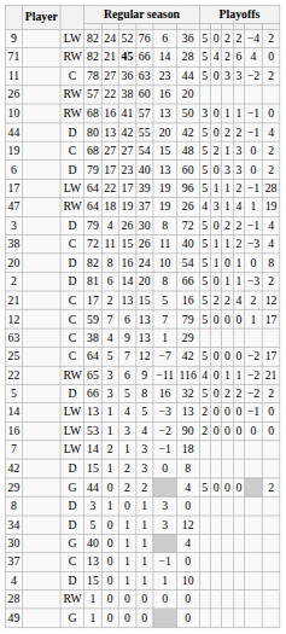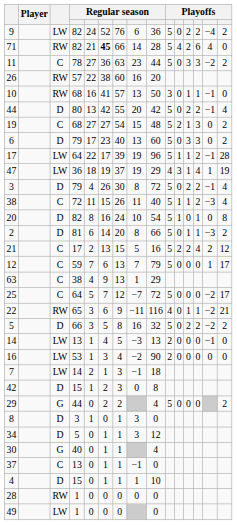 <table class="wikitable sortable plainrowheaders" style="text-align:center;">
 <tr>
 <th scope="col" data-sort-type="number" rowspan="2"></th>
 <th scope="col" rowspan="2">Player</th>
 <th scope="col" rowspan="2"></th>
 <th scope=colgroup colspan=6>Regular season</th>
 <th scope=colgroup colspan=6>Playoffs</th>
 </tr>
 <tr>
 <th scope="col" data-sort-type="number"></th>
 <th scope="col" data-sort-type="number"></th>
 <th scope="col" data-sort-type="number"></th>
 <th scope="col" data-sort-type="number"></th>
 <th scope="col" data-sort-type="number"></th>
 <th scope="col" data-sort-type="number"></th>
 <th scope="col" data-sort-type="number"></th>
 <th scope="col" data-sort-type="number"></th>
 <th scope="col" data-sort-type="number"></th>
 <th scope="col" data-sort-type="number"></th>
 <th scope="col" data-sort-type="number"></th>
 <th scope="col" data-sort-type="number"></th>
 </tr>
 <tr>
 <td scope="row">9</td>
 <td align="left"></td>
 <td>LW</td>
 <td>82</td>
 <td>24</td>
 <td>52</td>
 <td>76</td>
 <td>6</td>
 <td>36</td>
 <td>5</td>
 <td>0</td>
 <td>2</td>
 <td>2</td>
 <td>−4</td>
 <td>2</td>
 </tr>
 <tr>
 <td scope="row">71</td>
 <td align="left"></td>
 <td>RW</td>
 <td>82</td>
 <td>21</td>
 <td><strong>45</strong></td>
 <td>66</td>
 <td>14</td>
 <td>28</td>
 <td>5</td>
 <td>4</td>
 <td>2</td>
 <td>6</td>
 <td>4</td>
 <td>0</td>
 </tr>
 <tr>
 <td scope="row">11</td>
 <td align="left"></td>
 <td>C</td>
 <td>78</td>
 <td>27</td>
 <td>36</td>
 <td>63</td>
 <td>23</td>
 <td>44</td>
 <td>5</td>
 <td>0</td>
 <td>3</td>
 <td>3</td>
 <td>−2</td>
 <td>2</td>
 </tr>
 <tr>
 <td scope="row">26</td>
 <td align="left"></td>
 <td>RW</td>
 <td>57</td>
 <td>22</td>
 <td>38</td>
 <td>60</td>
 <td>16</td>
 <td>20</td>
 <td></td>
 <td></td>
 <td></td>
 <td></td>
 <td></td>
 <td></td>
 </tr>
 <tr>
 <td scope="row">10</td>
 <td align="left"></td>
 <td>RW</td>
 <td>68</td>
 <td>16</td>
 <td>41</td>
 <td>57</td>
 <td>13</td>
 <td>50</td>
 <td>3</td>
 <td>0</td>
 <td>1</td>
 <td>1</td>
 <td>−1</td>
 <td>0</td>
 </tr>
 <tr>
 <td scope="row">44</td>
 <td align="left"></td>
 <td>D</td>
 <td>80</td>
 <td>13</td>
 <td>42</td>
 <td>55</td>
 <td>20</td>
 <td>42</td>
 <td>5</td>
 <td>0</td>
 <td>2</td>
 <td>2</td>
 <td>−1</td>
 <td>4</td>
 </tr>
 <tr>
 <td scope="row">19</td>
 <td align="left"></td>
 <td>C</td>
 <td>68</td>
 <td>27</td>
 <td>27</td>
 <td>54</td>
 <td>15</td>
 <td>48</td>
 <td>5</td>
 <td>2</td>
 <td>1</td>
 <td>3</td>
 <td>0</td>
 <td>2</td>
 </tr>
 <tr>
 <td scope="row">6</td>
 <td align="left"></td>
 <td>D</td>
 <td>79</td>
 <td>17</td>
 <td>23</td>
 <td>40</td>
 <td>13</td>
 <td>60</td>
 <td>5</td>
 <td>0</td>
 <td>3</td>
 <td>3</td>
 <td>0</td>
 <td>2</td>
 </tr>
 <tr>
 <td scope="row">17</td>
 <td align="left"></td>
 <td>LW</td>
 <td>64</td>
 <td>22</td>
 <td>17</td>
 <td>39</td>
 <td>19</td>
 <td>96</td>
 <td>5</td>
 <td>1</td>
 <td>1</td>
 <td>2</td>
 <td>−1</td>
 <td>28</td>
 </tr>
 <tr>
 <td scope="row">47</td>
 <td align="left"></td>
-<td>RW</td>
-<td>64</td>
+<td>LW</td>
+<td>36</td>
 <td>18</td>
 <td>19</td>
 <td>37</td>
 <td>19</td>
-<td>26</td>
+<td>29</td>
 <td>4</td>
 <td>3</td>
 <td>1</td>
 <td>4</td>
 <td>1</td>
 <td>19</td>
 </tr>
 <tr>
 <td scope="row">3</td>
 <td align="left"></td>
 <td>D</td>
 <td>79</td>
 <td>4</td>
 <td>26</td>
 <td>30</td>
 <td>8</td>
 <td>72</td>
 <td>5</td>
 <td>0</td>
 <td>2</td>
 <td>2</td>
 <td>−1</td>
 <td>4</td>
 </tr>
 <tr>
 <td scope="row">38</td>
 <td align="left"></td>
 <td>C</td>
 <td>72</td>
 <td>11</td>
 <td>15</td>
 <td>26</td>
 <td>11</td>
 <td>40</td>
 <td>5</td>
 <td>1</td>
 <td>1</td>
 <td>2</td>
 <td>−3</td>
 <td>4</td>
 </tr>
 <tr>
 <td scope="row">20</td>
 <td align="left"></td>
 <td>D</td>
 <td>82</td>
 <td>8</td>
 <td>16</td>
 <td>24</td>
 <td>10</td>
 <td>54</td>
 <td>5</td>
 <td>1</td>
 <td>0</td>
 <td>1</td>
 <td>0</td>
 <td>8</td>
 </tr>
 <tr>
 <td scope="row">2</td>
 <td align="left"></td>
 <td>D</td>
 <td>81</td>
 <td>6</td>
 <td>14</td>
 <td>20</td>
 <td>8</td>
 <td>66</td>
 <td>5</td>
 <td>0</td>
 <td>1</td>
 <td>1</td>
 <td>−3</td>
 <td>2</td>
 </tr>
 <tr>
 <td scope="row">21</td>
 <td align="left"></td>
 <td>C</td>
 <td>17</td>
 <td>2</td>
 <td>13</td>
 <td>15</td>
 <td>5</td>
 <td>16</td>
 <td>5</td>
 <td>2</td>
 <td>2</td>
 <td>4</td>
 <td>2</td>
 <td>12</td>
 </tr>
 <tr>
 <td scope="row">12</td>
 <td align="left"></td>
 <td>C</td>
 <td>59</td>
 <td>7</td>
 <td>6</td>
 <td>13</td>
 <td>7</td>
 <td>79</td>
 <td>5</td>
 <td>0</td>
 <td>0</td>
 <td>0</td>
 <td>1</td>
 <td>17</td>
 </tr>
 <tr>
 <td scope="row">63</td>
 <td align="left"></td>
 <td>C</td>
 <td>38</td>
 <td>4</td>
 <td>9</td>
 <td>13</td>
 <td>1</td>
 <td>29</td>
 <td></td>
 <td></td>
 <td></td>
 <td></td>
 <td></td>
 <td></td>
 </tr>
 <tr>
 <td scope="row">25</td>
 <td align="left"></td>
 <td>C</td>
 <td>64</td>
 <td>5</td>
 <td>7</td>
 <td>12</td>
 <td>−7</td>
-<td>42</td>
+<td>72</td>
 <td>5</td>
 <td>0</td>
 <td>0</td>
 <td>0</td>
 <td>−2</td>
 <td>17</td>
 </tr>
 <tr>
 <td scope="row">22</td>
 <td align="left"></td>
 <td>RW</td>
 <td>65</td>
 <td>3</td>
 <td>6</td>
 <td>9</td>
 <td>−11</td>
 <td>116</td>
 <td>4</td>
 <td>0</td>
 <td>1</td>
 <td>1</td>
 <td>−2</td>
 <td>21</td>
 </tr>
 <tr>
 <td scope="row">5</td>
 <td align="left"></td>
 <td>D</td>
 <td>66</td>
 <td>3</td>
 <td>5</td>
 <td>8</td>
 <td>16</td>
 <td>32</td>
 <td>5</td>
 <td>0</td>
 <td>2</td>
 <td>2</td>
 <td>−2</td>
 <td>2</td>
 </tr>
 <tr>
 <td scope="row">14</td>
 <td align="left"></td>
 <td>LW</td>
 <td>13</td>
 <td>1</td>
 <td>4</td>
 <td>5</td>
 <td>−3</td>
 <td>13</td>
 <td>2</td>
 <td>0</td>
 <td>0</td>
 <td>0</td>
 <td>−1</td>
 <td>0</td>
 </tr>
 <tr>
 <td scope="row">16</td>
 <td align="left"></td>
 <td>LW</td>
 <td>53</td>
 <td>1</td>
 <td>3</td>
 <td>4</td>
 <td>−2</td>
 <td>90</td>
 <td>2</td>
 <td>0</td>
 <td>0</td>
 <td>0</td>
 <td>0</td>
 <td>0</td>
 </tr>
 <tr>
 <td scope="row">7</td>
 <td align="left"></td>
 <td>LW</td>
 <td>14</td>
 <td>2</td>
 <td>1</td>
 <td>3</td>
 <td>−1</td>
 <td>18</td>
 <td></td>
 <td></td>
 <td></td>
 <td></td>
 <td></td>
 <td></td>
 </tr>
 <tr>
 <td scope="row">42</td>
 <td align="left"></td>
 <td>D</td>
 <td>15</td>
 <td>1</td>
 <td>2</td>
 <td>3</td>
 <td>0</td>
 <td>8</td>
 <td></td>
 <td></td>
 <td></td>
 <td></td>
 <td></td>
 <td></td>
 </tr>
 <tr>
 <td scope="row">29</td>
 <td align="left"></td>
 <td>G</td>
 <td>44</td>
 <td>0</td>
 <td>2</td>
 <td>2</td>
 <td style="background:#ccc"></td>
 <td>4</td>
 <td>5</td>
 <td>0</td>
 <td>0</td>
 <td>0</td>
 <td style="background:#ccc"></td>
 <td>2</td>
 </tr>
 <tr>
 <td scope="row">8</td>
 <td align="left"></td>
 <td>D</td>
 <td>3</td>
 <td>1</td>
 <td>0</td>
 <td>1</td>
 <td>3</td>
 <td>0</td>
 <td></td>
 <td></td>
 <td></td>
 <td></td>
 <td></td>
 <td></td>
 </tr>
 <tr>
 <td scope="row">34</td>
 <td align="left"></td>
 <td>D</td>
 <td>5</td>
 <td>0</td>
 <td>1</td>
 <td>1</td>
 <td>3</td>
 <td>12</td>
 <td></td>
 <td></td>
 <td></td>
 <td></td>
 <td></td>
 <td></td>
 </tr>
 <tr>
 <td scope="row">30</td>
 <td align="left"></td>
 <td>G</td>
 <td>40</td>
 <td>0</td>
 <td>1</td>
 <td>1</td>
 <td style="background:#ccc"></td>
 <td>4</td>
 <td></td>
 <td></td>
 <td></td>
 <td></td>
 <td></td>
 <td></td>
 </tr>
 <tr>
 <td scope="row">37</td>
 <td align="left"></td>
 <td>C</td>
 <td>13</td>
 <td>0</td>
 <td>1</td>
 <td>1</td>
 <td>−1</td>
 <td>0</td>
 <td></td>
 <td></td>
 <td></td>
 <td></td>
 <td></td>
 <td></td>
 </tr>
 <tr>
 <td scope="row">4</td>
 <td align="left"></td>
 <td>D</td>
 <td>15</td>
 <td>0</td>
 <td>1</td>
 <td>1</td>
 <td>1</td>
 <td>10</td>
 <td></td>
 <td></td>
 <td></td>
 <td></td>
 <td></td>
 <td></td>
 </tr>
 <tr>
 <td scope="row">28</td>
 <td align="left"></td>
 <td>RW</td>
 <td>1</td>
 <td>0</td>
 <td>0</td>
 <td>0</td>
 <td>0</td>
 <td>0</td>
 <td></td>
 <td></td>
 <td></td>
 <td></td>
 <td></td>
 <td></td>
 </tr>
 <tr>
 <td scope="row">49</td>
 <td align="left"></td>
-<td>G</td>
+<td>LW</td>
 <td>1</td>
 <td>0</td>
 <td>0</td>
 <td>0</td>
 <td style="background:#ccc"></td>
 <td>0</td>
 <td></td>
 <td></td>
 <td></td>
 <td></td>
 <td></td>
 <td></td>
 </tr>
 </table>
